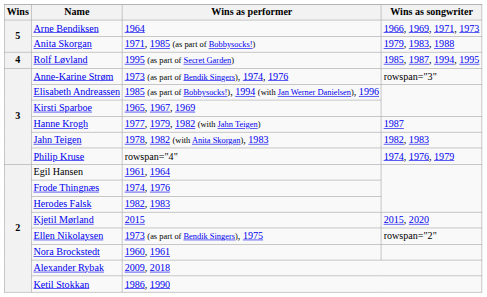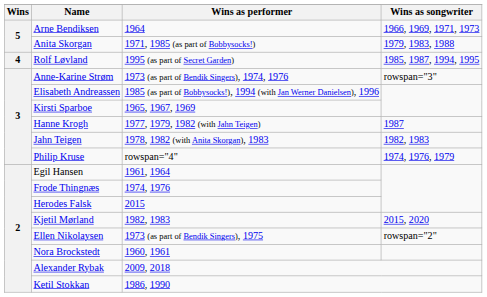 <table class="wikitable plainrowheaders">
 <tr>
 </tr>
 <tr>
 <th scope="col">Wins</th>
 <th scope="col">Name</th>
 <th scope="col">Wins as performer</th>
 <th scope="col">Wins as songwriter</th>
 </tr>
 <tr>
 <th scope="row" rowspan="2">5</th>
 <td><a href='#'>Arne Bendiksen</a></td>
 <td><a href='#'>1964</a></td>
 <td><a href='#'>1966</a>, <a href='#'>1969</a>, <a href='#'>1971</a>, <a href='#'>1973</a></td>
 </tr>
 <tr>
 <td><a href='#'>Anita Skorgan</a></td>
 <td><a href='#'>1971</a>, <a href='#'>1985</a> <small>(as part of <a href='#'>Bobbysocks!</a>)</small></td>
 <td><a href='#'>1979</a>, <a href='#'>1983</a>, <a href='#'>1988</a></td>
 </tr>
 <tr>
 <th scope="row">4</th>
 <td><a href='#'>Rolf Løvland</a></td>
 <td><a href='#'>1995</a> <small>(as part of <a href='#'>Secret Garden</a>)</small></td>
 <td><a href='#'>1985</a>, <a href='#'>1987</a>, <a href='#'>1994</a>, <a href='#'>1995</a></td>
 </tr>
 <tr>
 <th scope="row" rowspan="6">3</th>
 <td><a href='#'>Anne-Karine Strøm</a></td>
 <td><a href='#'>1973</a> <small>(as part of <a href='#'>Bendik Singers</a>)</small>, <a href='#'>1974</a>, <a href='#'>1976</a></td>
 <td>rowspan="3" </td>
 </tr>
 <tr>
 <td><a href='#'>Elisabeth Andreassen</a></td>
 <td><a href='#'>1985</a> <small>(as part of <a href='#'>Bobbysocks!</a>)</small>, <a href='#'>1994</a> <small>(with <a href='#'>Jan Werner Danielsen</a>)</small>, <a href='#'>1996</a></td>
 </tr>
 <tr>
 <td><a href='#'>Kirsti Sparboe</a></td>
 <td><a href='#'>1965</a>, <a href='#'>1967</a>, <a href='#'>1969</a></td>
 </tr>
 <tr>
 <td><a href='#'>Hanne Krogh</a></td>
 <td><a href='#'>1977</a>, <a href='#'>1979</a>, <a href='#'>1982</a> <small>(with <a href='#'>Jahn Teigen</a>)</small></td>
 <td><a href='#'>1987</a></td>
 </tr>
 <tr>
 <td><a href='#'>Jahn Teigen</a></td>
 <td><a href='#'>1978</a>, <a href='#'>1982</a> <small>(with <a href='#'>Anita Skorgan</a>)</small>, <a href='#'>1983</a></td>
 <td><a href='#'>1982</a>, <a href='#'>1983</a></td>
 </tr>
 <tr>
 <td><a href='#'>Philip Kruse</a></td>
 <td>rowspan="4" </td>
 <td><a href='#'>1974</a>, <a href='#'>1976</a>, <a href='#'>1979</a></td>
 </tr>
 <tr>
 <th scope="row" rowspan="8">2</th>
 <td>Egil Hansen</td>
 <td><a href='#'>1961</a>, <a href='#'>1964</a></td>
 </tr>
 <tr>
 <td><a href='#'>Frode Thingnæs</a></td>
 <td><a href='#'>1974</a>, <a href='#'>1976</a></td>
 </tr>
 <tr>
 <td><a href='#'>Herodes Falsk</a></td>
-<td><a href='#'>1982</a>, <a href='#'>1983</a></td>
+<td><a href='#'>2015</a></td>
 </tr>
 <tr>
 <td><a href='#'>Kjetil Mørland</a></td>
-<td><a href='#'>2015</a></td>
+<td><a href='#'>1982</a>, <a href='#'>1983</a></td>
 <td><a href='#'>2015</a>, <a href='#'>2020</a></td>
 </tr>
 <tr>
 <td><a href='#'>Ellen Nikolaysen</a></td>
 <td><a href='#'>1973</a> <small>(as part of <a href='#'>Bendik Singers</a>)</small>, <a href='#'>1975</a></td>
 <td>rowspan="2" </td>
 </tr>
 <tr>
 <td><a href='#'>Nora Brockstedt</a></td>
 <td><a href='#'>1960</a>, <a href='#'>1961</a></td>
 </tr>
 <tr>
 <td><a href='#'>Alexander Rybak</a></td>
 <td colspan="2"><a href='#'>2009</a>, <a href='#'>2018</a></td>
 </tr>
 <tr>
 <td><a href='#'>Ketil Stokkan</a></td>
 <td colspan="2"><a href='#'>1986</a>, <a href='#'>1990</a></td>
 </tr>
 </table>
